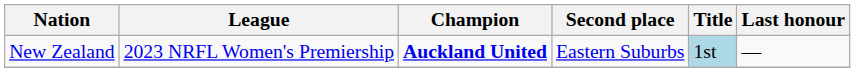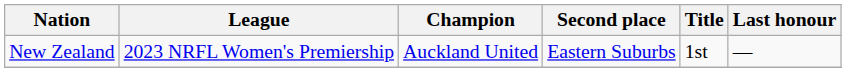 <table class="wikitable sortable">
 <tr>
 <th>Nation</th>
 <th>League</th>
 <th>Champion</th>
 <th>Second place</th>
 <th data-sort-type="number">Title</th>
 <th>Last honour</th>
 </tr>
 <tr>
 <td> <a href='#'>New Zealand</a></td>
 <td><a href='#'>2023 NRFL Women's Premiership</a></td>
-<td><strong><a href='#'>Auckland United</a></strong></td>
+<td><a href='#'>Auckland United</a></td>
 <td><a href='#'>Eastern Suburbs</a></td>
-<td style="background: lightblue;">1st</td>
+<td>1st</td>
 <td>—</td>
 </tr>
 <tr>
 </tr>
 </table>
